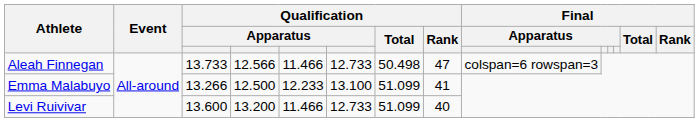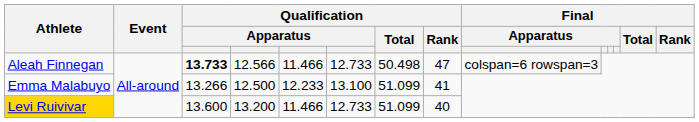 <table class="wikitable" style="font-size:90%">
 <tr>
 <th rowspan=3>Athlete</th>
 <th rowspan=3>Event</th>
 <th colspan=6>Qualification</th>
 <th colspan=6>Final</th>
 </tr>
 <tr style="font-size:95%">
 <th colspan=4>Apparatus</th>
 <th rowspan=2>Total</th>
 <th rowspan=2>Rank</th>
 <th colspan=4>Apparatus</th>
 <th rowspan=2>Total</th>
 <th rowspan=2>Rank</th>
 </tr>
 <tr style="font-size:95%">
 <th></th>
 <th></th>
 <th></th>
 <th></th>
 <th></th>
 <th></th>
 <th></th>
 <th></th>
 </tr>
 <tr align=center>
 <td align=left><a href='#'>Aleah Finnegan</a></td>
 <td align=left rowspan=3><a href='#'>All-around</a></td>
-<td>13.733</td>
+<td><strong>13.733</strong></td>
 <td>12.566</td>
 <td>11.466</td>
 <td>12.733</td>
 <td>50.498</td>
 <td>47</td>
 <td>colspan=6 rowspan=3 </td>
 </tr>
 <tr align=center>
 <td align=left><a href='#'>Emma Malabuyo</a></td>
 <td>13.266</td>
 <td>12.500</td>
 <td>12.233</td>
 <td>13.100</td>
 <td>51.099</td>
 <td>41</td>
 </tr>
 <tr align=center>
-<td align=left><a href='#'>Levi Ruivivar</a></td>
+<td align=left style="background: gold;"><a href='#'>Levi Ruivivar</a></td>
 <td>13.600</td>
 <td>13.200</td>
 <td>11.466</td>
 <td>12.733</td>
 <td>51.099</td>
 <td>40</td>
 </tr>
 </table>
